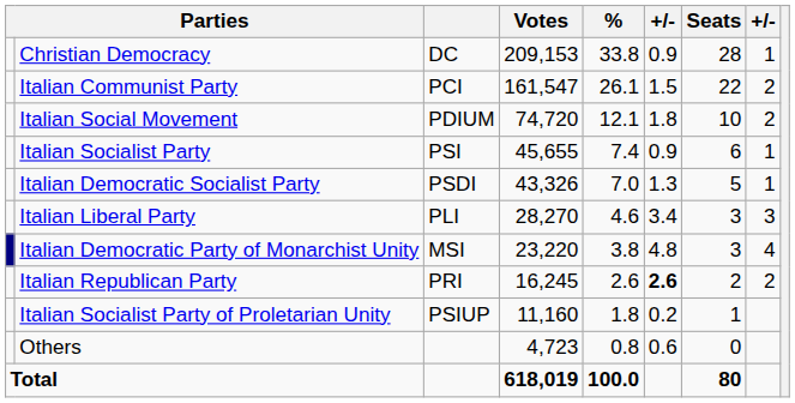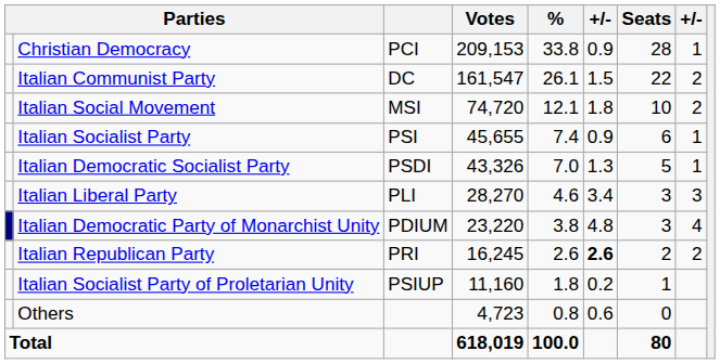 <table class="wikitable">
 <tr>
 <th colspan="2">Parties</th>
 <th></th>
 <th>Votes</th>
 <th>%</th>
 <th>+/-</th>
 <th>Seats</th>
 <th>+/-</th>
 <th rowspan="12"></th>
 </tr>
 <tr>
 <td style="background-color:"></td>
 <td><a href='#'>Christian Democracy</a></td>
-<td>DC</td>
+<td>PCI</td>
 <td align=right>209,153</td>
 <td align=right>33.8</td>
 <td align=right> 0.9</td>
 <td align=right>28</td>
 <td align=right> 1</td>
 </tr>
 <tr>
 <td style="background-color:"></td>
 <td><a href='#'>Italian Communist Party</a></td>
-<td>PCI</td>
+<td>DC</td>
 <td align=right>161,547</td>
 <td align=right>26.1</td>
 <td align=right> 1.5</td>
 <td align=right>22</td>
 <td align=right> 2</td>
 </tr>
 <tr>
 <td style="background-color:"></td>
 <td><a href='#'>Italian Social Movement</a></td>
-<td>PDIUM</td>
+<td>MSI</td>
 <td align=right>74,720</td>
 <td align=right>12.1</td>
 <td align=right> 1.8</td>
 <td align=right>10</td>
 <td align=right> 2</td>
 </tr>
 <tr>
 <td style="background-color:"></td>
 <td><a href='#'>Italian Socialist Party</a></td>
 <td>PSI</td>
 <td align=right>45,655</td>
 <td align=right>7.4</td>
 <td align=right> 0.9</td>
 <td align=right>6</td>
 <td align=right> 1</td>
 </tr>
 <tr>
 <td style="background-color:"></td>
 <td><a href='#'>Italian Democratic Socialist Party</a></td>
 <td>PSDI</td>
 <td align=right>43,326</td>
 <td align=right>7.0</td>
 <td align=right> 1.3</td>
 <td align=right>5</td>
 <td align=right> 1</td>
 </tr>
 <tr>
 <td style="background-color:"></td>
 <td><a href='#'>Italian Liberal Party</a></td>
 <td>PLI</td>
 <td align=right>28,270</td>
 <td align=right>4.6</td>
 <td align=right> 3.4</td>
 <td align=right>3</td>
 <td align=right> 3</td>
 </tr>
 <tr>
 <td style="background-color:#000080"></td>
 <td><a href='#'>Italian Democratic Party of Monarchist Unity</a></td>
-<td>MSI</td>
+<td>PDIUM</td>
 <td align=right>23,220</td>
 <td align=right>3.8</td>
 <td align=right> 4.8</td>
 <td align=right>3</td>
 <td align=right> 4</td>
 </tr>
 <tr>
 <td style="background-color:"></td>
 <td><a href='#'>Italian Republican Party</a></td>
 <td>PRI</td>
 <td align=right>16,245</td>
 <td align=right>2.6</td>
 <td align=right><strong> 2.6</strong></td>
 <td align=right>2</td>
 <td align=right> 2</td>
 </tr>
 <tr>
 <td style="background-color:"></td>
 <td><a href='#'>Italian Socialist Party of Proletarian Unity</a></td>
 <td>PSIUP</td>
 <td align=right>11,160</td>
 <td align=right>1.8</td>
 <td align=right> 0.2</td>
 <td align=right>1</td>
 <td align=right></td>
 </tr>
 <tr>
 <td style="background-color:"></td>
 <td>Others</td>
 <td></td>
 <td align=right>4,723</td>
 <td align=right>0.8</td>
 <td align=right> 0.6</td>
 <td align=right>0</td>
 <td align=right></td>
 </tr>
 <tr>
 <td colspan="2"><strong>Total</strong></td>
 <td></td>
 <td align=right><strong>618,019</strong></td>
 <td align=right><strong>100.0</strong></td>
 <td align=right></td>
 <td align=right><strong>80</strong></td>
 <td align=right></td>
 </tr>
 </table>
